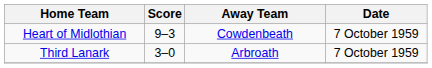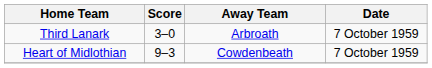 <table class="wikitable" style="text-align:center;">
 <tr>
 <th width=175>Home Team</th>
 <th width=20>Score</th>
 <th width=175>Away Team</th>
 <th width= 125>Date</th>
 </tr>
 <tr>
+<td><a href='#'>Third Lanark</a></td>
+<td>3–0</td>
+<td><a href='#'>Arbroath</a></td>
+<td>7 October 1959</td>
+</tr>
+<tr>
 <td><a href='#'>Heart of Midlothian</a></td>
 <td>9–3</td>
 <td><a href='#'>Cowdenbeath</a></td>
 <td>7 October 1959</td>
 </tr>
 <tr>
-<td><a href='#'>Third Lanark</a></td>
-<td>3–0</td>
-<td><a href='#'>Arbroath</a></td>
-<td>7 October 1959</td>
-</tr>
-<tr>
 </tr>
 </table>
